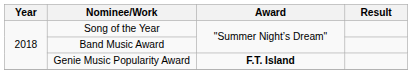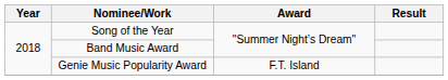 <table class="wikitable" style="text-align:center">
 <tr>
 <th width="60">Year</th>
 <th width="225">Nominee/Work</th>
 <th width="225">Award</th>
 <th width="90">Result</th>
 </tr>
 <tr>
 <td rowspan=3>2018</td>
 <td>Song of the Year</td>
 <td rowspan=2>"Summer Night’s Dream"</td>
 <td></td>
 </tr>
 <tr>
 <td>Band Music Award</td>
 <td></td>
 </tr>
 <tr>
 <td>Genie Music Popularity Award</td>
-<td><strong>F.T. Island</strong></td>
+<td>F.T. Island</td>
 <td></td>
 </tr>
 <tr>
 </tr>
 </table>
